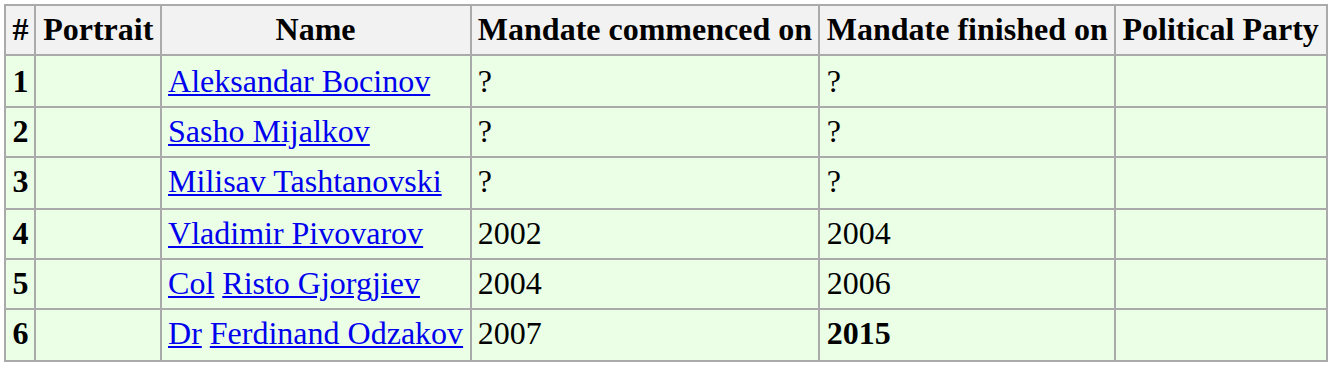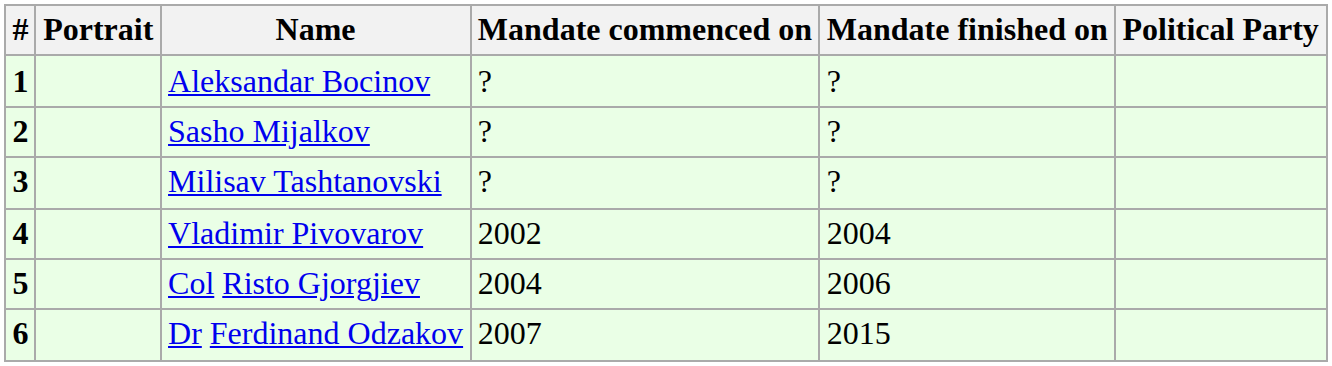 <table class="wikitable" style="background:#EAFFE6">
 <tr>
 <th>#</th>
 <th>Portrait</th>
 <th>Name</th>
 <th>Mandate commenced on</th>
 <th>Mandate finished on</th>
 <th>Political Party</th>
 </tr>
 <tr>
 <td><strong>1</strong></td>
 <td></td>
 <td><a href='#'>Aleksandar Bocinov</a></td>
 <td>?</td>
 <td>?</td>
 <td></td>
 </tr>
 <tr>
 <td><strong>2</strong></td>
 <td></td>
 <td><a href='#'>Sasho Mijalkov</a></td>
 <td>?</td>
 <td>?</td>
 <td></td>
 </tr>
 <tr>
 <td><strong>3</strong></td>
 <td></td>
 <td><a href='#'>Milisav Tashtanovski</a></td>
 <td>?</td>
 <td>?</td>
 <td></td>
 </tr>
 <tr>
 <td><strong>4</strong></td>
 <td></td>
 <td><a href='#'>Vladimir Pivovarov</a></td>
 <td>2002</td>
 <td>2004</td>
 <td></td>
 </tr>
 <tr>
 <td><strong>5</strong></td>
 <td></td>
 <td><a href='#'>Col</a> <a href='#'>Risto Gjorgjiev</a></td>
 <td>2004</td>
 <td>2006</td>
 <td></td>
 </tr>
 <tr>
 <td><strong>6</strong></td>
 <td></td>
 <td><a href='#'>Dr</a> <a href='#'>Ferdinand Odzakov</a></td>
 <td>2007</td>
-<td><strong>2015</strong></td>
+<td>2015</td>
 <td></td>
 </tr>
 <tr>
 </tr>
 </table>
